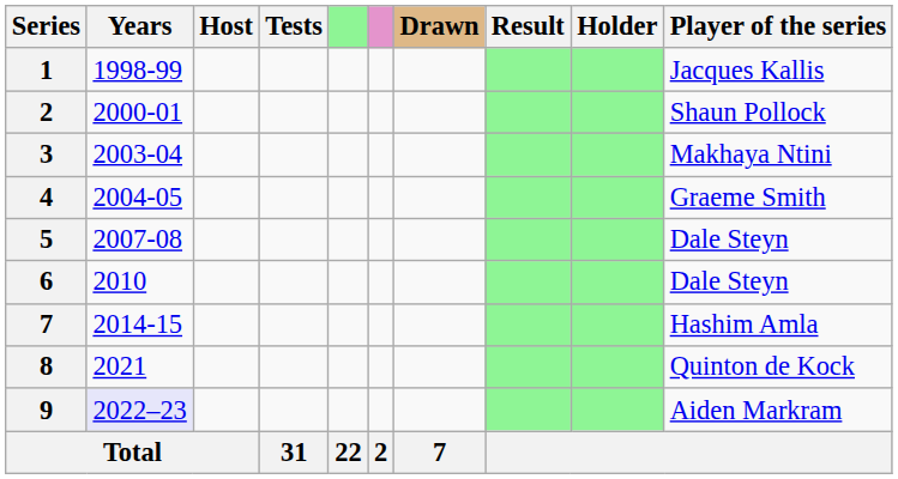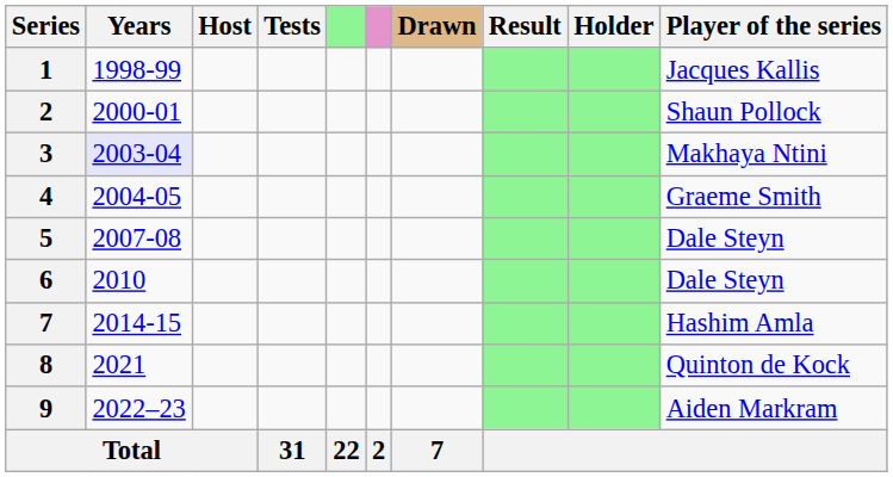 <table class="wikitable sortable">
 <tr>
 <th scope="col" class="unsortable">Series</th>
 <th scope="col" class="unsortable">Years</th>
 <th scope="col" class="unsortable">Host</th>
 <th scope="col" class="unsortable">Tests</th>
 <th style="background:#8ef595"></th>
 <th style="background:#E494CC"></th>
 <th style="background:#deb887">Drawn</th>
 <th scope="col" class="unsortable">Result</th>
 <th scope="col" class="unsortable">Holder</th>
 <th scope="col" class="unsortable">Player of the series</th>
 </tr>
 <tr>
 <th scope=row align=center>1</th>
 <td><a href='#'>1998-99</a></td>
 <td></td>
 <td></td>
 <td></td>
 <td></td>
 <td></td>
 <td bgcolor="#8ef595"></td>
 <td bgcolor="#8ef595"></td>
 <td> <a href='#'>Jacques Kallis</a></td>
 </tr>
 <tr>
 <th scope=row align=center>2</th>
 <td><a href='#'>2000-01</a></td>
 <td></td>
 <td></td>
 <td></td>
 <td></td>
 <td></td>
 <td bgcolor="#8ef595"></td>
 <td bgcolor="#8ef595"></td>
 <td> <a href='#'>Shaun Pollock</a></td>
 </tr>
 <tr>
 <th scope=row align=center>3</th>
-<td><a href='#'>2003-04</a></td>
+<td style="background: lavender;"><a href='#'>2003-04</a></td>
 <td></td>
 <td></td>
 <td></td>
 <td></td>
 <td></td>
 <td bgcolor="#8ef595"></td>
 <td bgcolor="#8ef595"></td>
 <td> <a href='#'>Makhaya Ntini</a></td>
 </tr>
 <tr>
 <th scope=row align=center>4</th>
 <td><a href='#'>2004-05</a></td>
 <td></td>
 <td></td>
 <td></td>
 <td></td>
 <td></td>
 <td bgcolor="#8ef595"></td>
 <td bgcolor="#8ef595"></td>
 <td> <a href='#'>Graeme Smith</a></td>
 </tr>
 <tr>
 <th scope=row align=center>5</th>
 <td><a href='#'>2007-08</a></td>
 <td></td>
 <td></td>
 <td></td>
 <td></td>
 <td></td>
 <td bgcolor="#8ef595"></td>
 <td bgcolor="#8ef595"></td>
 <td> <a href='#'>Dale Steyn</a></td>
 </tr>
 <tr>
 <th scope=row align=center>6</th>
 <td><a href='#'>2010</a></td>
 <td></td>
 <td></td>
 <td></td>
 <td></td>
 <td></td>
 <td bgcolor="#8ef595"></td>
 <td bgcolor="#8ef595"></td>
 <td> <a href='#'>Dale Steyn</a></td>
 </tr>
 <tr>
 <th scope=row align=center>7</th>
 <td><a href='#'>2014-15</a></td>
 <td></td>
 <td></td>
 <td></td>
 <td></td>
 <td></td>
 <td bgcolor="#8ef595"></td>
 <td bgcolor="#8ef595"></td>
 <td> <a href='#'>Hashim Amla</a></td>
 </tr>
 <tr>
 <th scope=row align=center>8</th>
 <td><a href='#'>2021</a></td>
 <td></td>
 <td></td>
 <td></td>
 <td></td>
 <td></td>
 <td bgcolor="#8ef595"></td>
 <td bgcolor="#8ef595"></td>
 <td> <a href='#'>Quinton de Kock</a></td>
 </tr>
 <tr>
 <th scope=row align=center>9</th>
-<td style="background: lavender;"><a href='#'>2022–23</a></td>
+<td><a href='#'>2022–23</a></td>
 <td></td>
 <td></td>
 <td></td>
 <td></td>
 <td></td>
 <td bgcolor="#8ef595"></td>
 <td bgcolor="#8ef595"></td>
 <td> <a href='#'>Aiden Markram</a></td>
 </tr>
 <tr>
 <th colspan=3>Total</th>
 <th>31</th>
 <th>22</th>
 <th>2</th>
 <th>7</th>
 <th colspan=3></th>
 </tr>
 </table>
